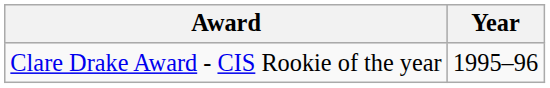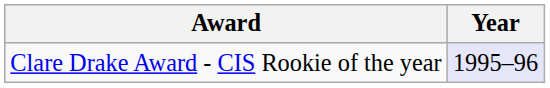 <table class="wikitable">
 <tr>
 <th>Award</th>
 <th>Year</th>
 </tr>
 <tr>
 <td><a href='#'>Clare Drake Award</a> - <a href='#'>CIS</a> Rookie of the year </td>
-<td>1995–96</td>
+<td style="background: lavender;">1995–96</td>
 </tr>
 </table>
